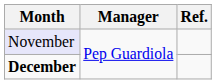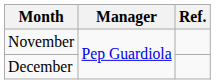 <table class="wikitable">
 <tr>
 <th>Month</th>
 <th>Manager</th>
 <th>Ref.</th>
 </tr>
 <tr>
-<td style="background: lavender;">November</td>
+<td>November</td>
 <td rowspan="2"> <a href='#'>Pep Guardiola</a></td>
 <td></td>
 </tr>
 <tr>
-<td><strong>December</strong></td>
+<td>December</td>
 <td></td>
 </tr>
 </table>
